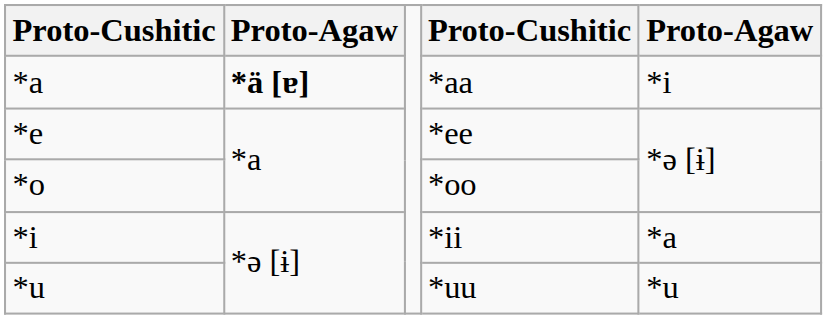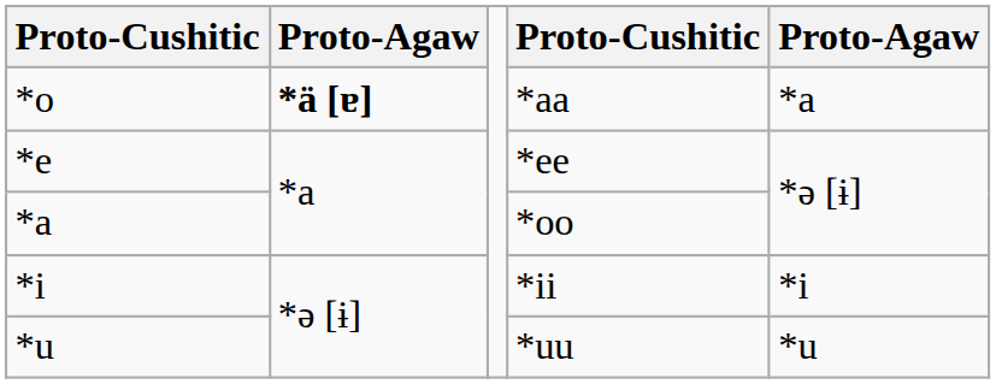 <table class="wikitable">
 <tr>
 <th>Proto-Cushitic</th>
 <th>Proto-Agaw</th>
 <td rowspan="6"></td>
 <th>Proto-Cushitic</th>
 <th>Proto-Agaw</th>
 </tr>
 <tr>
-<td>*a</td>
+<td>*o</td>
 <td><strong>*ä [ɐ]</strong></td>
 <td>*aa</td>
-<td>*i</td>
+<td>*a</td>
 </tr>
 <tr>
 <td>*e</td>
 <td rowspan="2">*a</td>
 <td>*ee</td>
 <td rowspan="2">*ə [ɨ]</td>
 </tr>
 <tr>
-<td>*o</td>
+<td>*a</td>
 <td>*oo</td>
 </tr>
 <tr>
 <td>*i</td>
 <td rowspan="2">*ə [ɨ]</td>
 <td>*ii</td>
-<td>*a</td>
+<td>*i</td>
 </tr>
 <tr>
 <td>*u</td>
 <td>*uu</td>
 <td>*u</td>
 </tr>
 </table>
